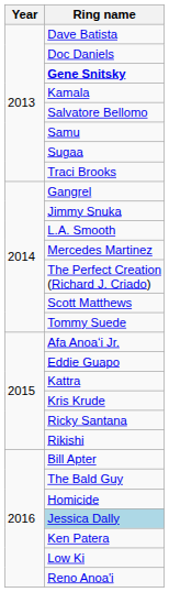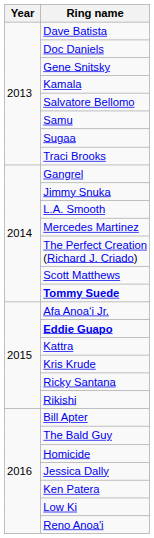 <table class="wikitable sortable" style="font-size: 95%">
 <tr>
 <th width="25%">Year</th>
 <th width="75%">Ring name</th>
 </tr>
 <tr>
 <td rowspan=8>2013</td>
 <td><a href='#'>Dave Batista</a></td>
 </tr>
 <tr>
 <td><a href='#'>Doc Daniels</a></td>
 </tr>
 <tr>
-<td><strong><a href='#'>Gene Snitsky</a></strong></td>
+<td><a href='#'>Gene Snitsky</a></td>
 </tr>
 <tr>
 <td><a href='#'>Kamala</a></td>
 </tr>
 <tr>
 <td><a href='#'>Salvatore Bellomo</a></td>
 </tr>
 <tr>
 <td><a href='#'>Samu</a></td>
 </tr>
 <tr>
 <td><a href='#'>Sugaa</a></td>
 </tr>
 <tr>
 <td><a href='#'>Traci Brooks</a></td>
 </tr>
 <tr>
 <td rowspan=7>2014</td>
 <td><a href='#'>Gangrel</a></td>
 </tr>
 <tr>
 <td><a href='#'>Jimmy Snuka</a></td>
 </tr>
 <tr>
 <td><a href='#'>L.A. Smooth</a></td>
 </tr>
 <tr>
 <td><a href='#'>Mercedes Martinez</a></td>
 </tr>
 <tr>
 <td><a href='#'>The Perfect Creation</a><br>(<a href='#'>Richard J. Criado</a>)</td>
 </tr>
 <tr>
 <td><a href='#'>Scott Matthews</a></td>
 </tr>
 <tr>
-<td><a href='#'>Tommy Suede</a></td>
+<td><strong><a href='#'>Tommy Suede</a></strong></td>
 </tr>
 <tr>
 <td rowspan=6>2015</td>
 <td><a href='#'>Afa Anoaʻi Jr.</a></td>
 </tr>
 <tr>
-<td><a href='#'>Eddie Guapo</a></td>
+<td><strong><a href='#'>Eddie Guapo</a></strong></td>
 </tr>
 <tr>
 <td><a href='#'>Kattra</a></td>
 </tr>
 <tr>
 <td><a href='#'>Kris Krude</a></td>
 </tr>
 <tr>
 <td><a href='#'>Ricky Santana</a></td>
 </tr>
 <tr>
 <td><a href='#'>Rikishi</a></td>
 </tr>
 <tr>
 <td rowspan=7>2016</td>
 <td><a href='#'>Bill Apter</a></td>
 </tr>
 <tr>
 <td><a href='#'>The Bald Guy</a></td>
 </tr>
 <tr>
 <td><a href='#'>Homicide</a></td>
 </tr>
 <tr>
-<td style="background: lightblue;"><a href='#'>Jessica Dally</a></td>
+<td><a href='#'>Jessica Dally</a></td>
 </tr>
 <tr>
 <td><a href='#'>Ken Patera</a></td>
 </tr>
 <tr>
 <td><a href='#'>Low Ki</a></td>
 </tr>
 <tr>
 <td><a href='#'>Reno Anoa'i</a></td>
 </tr>
 </table>
